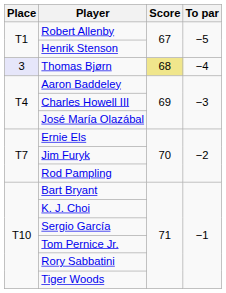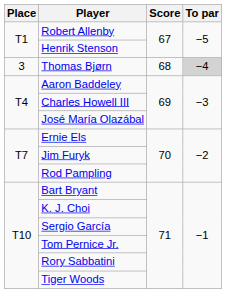 <table class="wikitable">
 <tr>
 <th>Place</th>
 <th>Player</th>
 <th>Score</th>
 <th>To par</th>
 </tr>
 <tr>
 <td rowspan="2" align=center>T1</td>
 <td> <a href='#'>Robert Allenby</a></td>
 <td rowspan="2" align=center>67</td>
 <td rowspan="2" align=center>−5</td>
 </tr>
 <tr>
 <td> <a href='#'>Henrik Stenson</a></td>
 </tr>
 <tr>
-<td align=center style="background: lavender;">3</td>
+<td align=center>3</td>
 <td> <a href='#'>Thomas Bjørn</a></td>
-<td align=center style="background: khaki;">68</td>
-<td align=center>−4</td>
+<td align=center>68</td>
+<td align=center style="background: lightgrey;">−4</td>
 </tr>
 <tr>
 <td rowspan="3" align=center>T4</td>
 <td> <a href='#'>Aaron Baddeley</a></td>
 <td rowspan="3" align=center>69</td>
 <td rowspan="3" align=center>−3</td>
 </tr>
 <tr>
 <td> <a href='#'>Charles Howell III</a></td>
 </tr>
 <tr>
 <td> <a href='#'>José María Olazábal</a></td>
 </tr>
 <tr>
 <td rowspan="3" align=center>T7</td>
 <td> <a href='#'>Ernie Els</a></td>
 <td rowspan="3" align=center>70</td>
 <td rowspan="3" align=center>−2</td>
 </tr>
 <tr>
 <td> <a href='#'>Jim Furyk</a></td>
 </tr>
 <tr>
 <td> <a href='#'>Rod Pampling</a></td>
 </tr>
 <tr>
 <td rowspan="6" align=center>T10</td>
 <td> <a href='#'>Bart Bryant</a></td>
 <td rowspan="6" align=center>71</td>
 <td rowspan="6" align=center>−1</td>
 </tr>
 <tr>
 <td> <a href='#'>K. J. Choi</a></td>
 </tr>
 <tr>
 <td> <a href='#'>Sergio García</a></td>
 </tr>
 <tr>
 <td> <a href='#'>Tom Pernice Jr.</a></td>
 </tr>
 <tr>
 <td> <a href='#'>Rory Sabbatini</a></td>
 </tr>
 <tr>
 <td> <a href='#'>Tiger Woods</a></td>
 </tr>
 </table>
